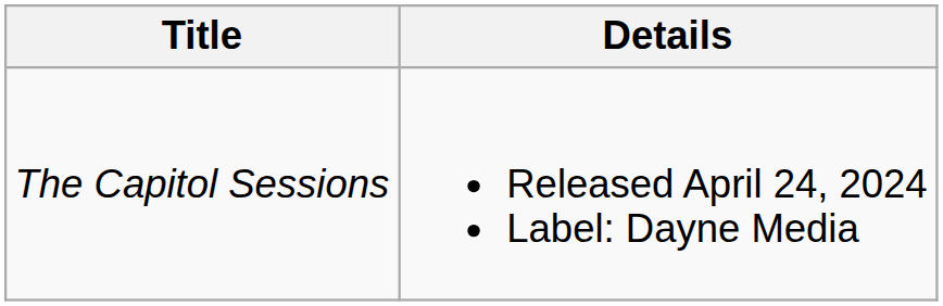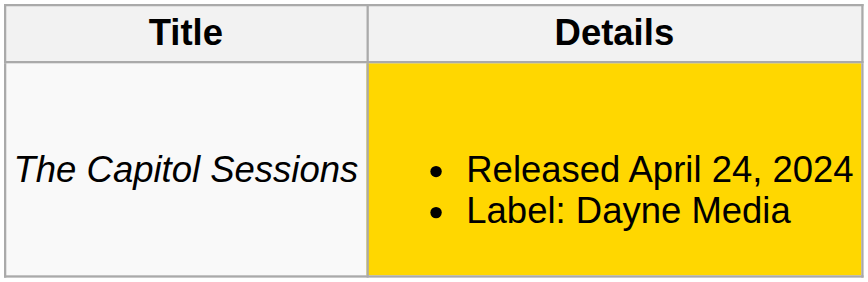 <table class="wikitable plainrowheaders">
 <tr>
 <th>Title</th>
 <th>Details</th>
 </tr>
 <tr>
 <td><em>The Capitol Sessions</em></td>
-<td><br><ul><li>Released April 24, 2024</li><li>Label: Dayne Media</li></ul></td>
+<td style="background: gold;"><br><ul><li>Released April 24, 2024</li><li>Label: Dayne Media</li></ul></td>
 </tr>
 </table>
